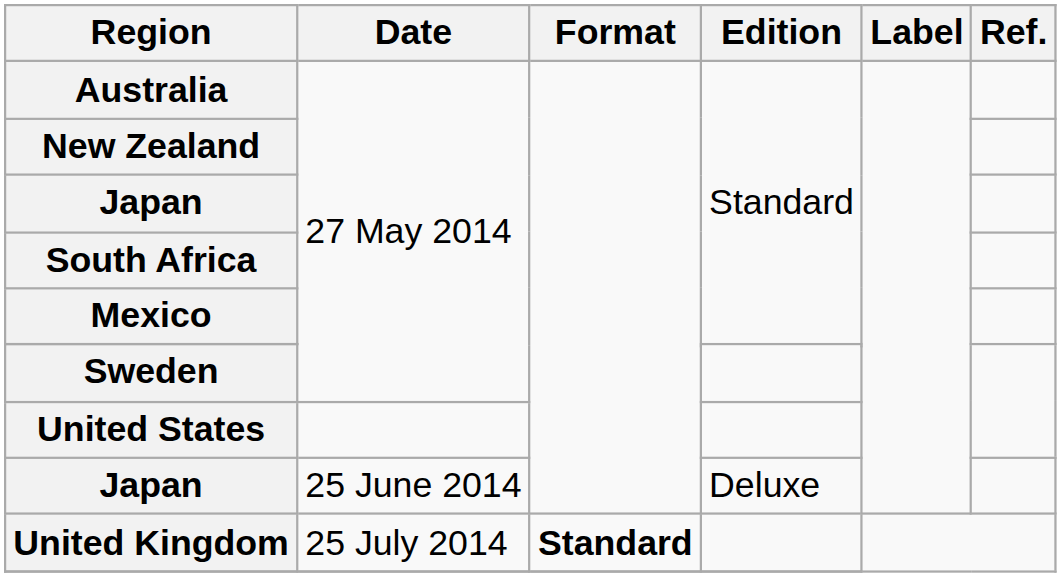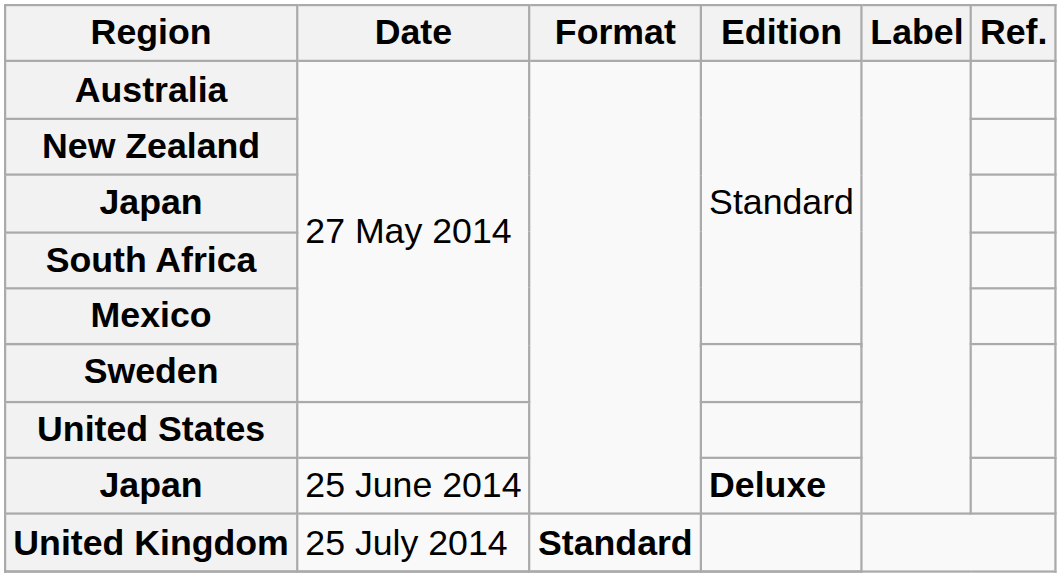 <table class="wikitable sortable plainrowheaders">
 <tr>
 <th scope="col">Region</th>
 <th scope="col">Date</th>
 <th scope="col">Format</th>
 <th scope="col">Edition</th>
 <th scope="col">Label</th>
 <th scope="col">Ref.</th>
 </tr>
 <tr>
 <th scope="row">Australia</th>
 <td rowspan="7">27 May 2014</td>
 <td rowspan="9"></td>
 <td rowspan="6">Standard</td>
 <td rowspan="9"></td>
 <td></td>
 </tr>
 <tr>
 <th scope="row">New Zealand</th>
 <td></td>
 </tr>
 <tr>
 <th scope="row">Japan</th>
 <td></td>
 </tr>
 <tr>
 <th scope="row">South Africa</th>
 <td></td>
 </tr>
 <tr>
 <th scope="row">Mexico</th>
 <td></td>
 </tr>
 <tr>
 </tr>
 <tr>
 <th scope="row">Sweden</th>
 <td></td>
 </tr>
 <tr>
 <th scope="row">United States</th>
 <td></td>
 <td></td>
 </tr>
 <tr>
 <th scope="row">Japan</th>
 <td>25 June 2014</td>
-<td>Deluxe</td>
+<td><strong>Deluxe</strong></td>
 <td></td>
 </tr>
 <tr>
 <th scope="row">United Kingdom</th>
 <td>25 July 2014</td>
 <td><strong>Standard</strong></td>
 <td></td>
 </tr>
 <tr>
 </tr>
 </table>
